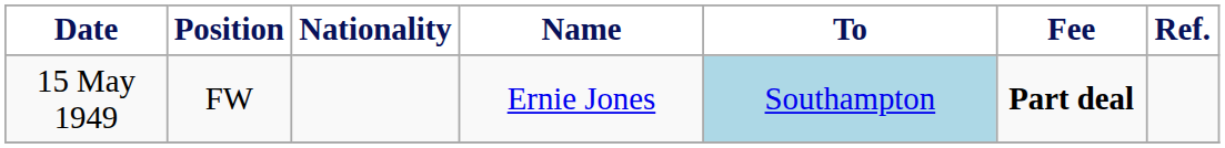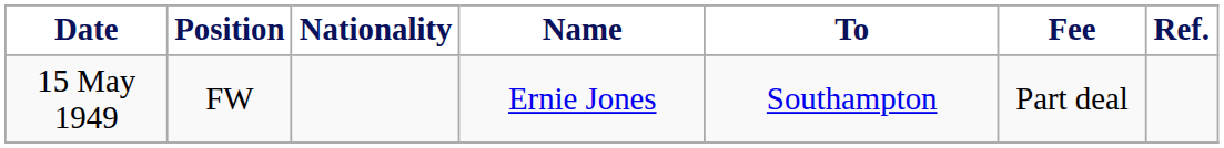 <table class="wikitable" style="text-align:center">
 <tr>
 <th style="background:#FFFFFF; color:#081159; width:120px;">Date</th>
 <th style="background:#FFFFFF; color:#081159; width:50px;">Position</th>
 <th style="background:#FFFFFF; color:#081159; width:50px;">Nationality</th>
 <th style="background:#FFFFFF; color:#081159; width:200px;">Name</th>
 <th style="background:#FFFFFF; color:#081159; width:200px;">To</th>
 <th style="background:#FFFFFF; color:#081159; width:110px;">Fee</th>
 <th style="background:#FFFFFF; color:#081159; width:30px;">Ref.</th>
 </tr>
 <tr>
 <td>15 May 1949</td>
 <td>FW</td>
 <td></td>
 <td><a href='#'>Ernie Jones</a></td>
-<td style="background: lightblue;"><a href='#'>Southampton</a></td>
-<td><strong>Part deal</strong></td>
+<td><a href='#'>Southampton</a></td>
+<td>Part deal</td>
 <td></td>
 </tr>
 <tr>
 </tr>
 </table>
